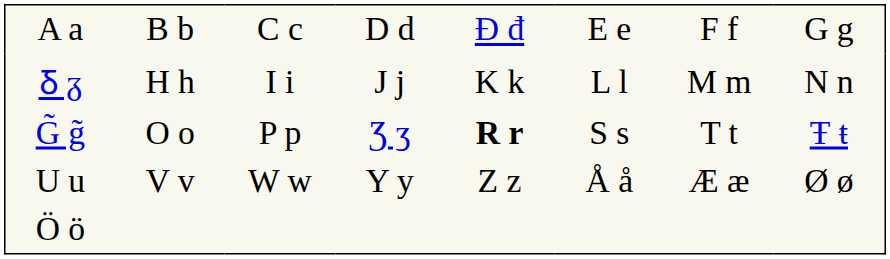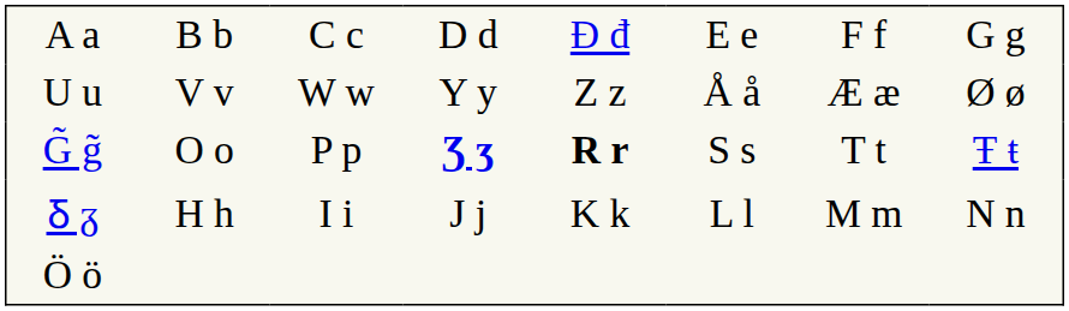 <table style="font-family:Arial Unicode MS; font-size:1.4em; border-color:#000000; border-width:1px; border-style:solid; border-collapse:collapse; background-color:#F8F8EF">
 <tr>
 <td style="width:3em; text-align:center; padding: 3px;">A a</td>
 <td style="width:3em; text-align:center; padding: 3px;">B b</td>
 <td style="width:3em; text-align:center; padding: 3px;">C c</td>
 <td style="width:3em; text-align:center; padding: 3px;">D d</td>
 <td style="width:3em; text-align:center; padding: 3px;"><a href='#'>Đ đ</a></td>
 <td style="width:3em; text-align:center; padding: 3px;">E e</td>
 <td style="width:3em; text-align:center; padding: 3px;">F f</td>
 <td style="width:3em; text-align:center; padding: 3px;">G g</td>
 </tr>
 <tr>
+<td style="width:3em; text-align:center; padding: 3px;">U u</td>
+<td style="width:3em; text-align:center; padding: 3px;">V v</td>
+<td style="width:3em; text-align:center; padding: 3px;">W w</td>
+<td style="width:3em; text-align:center; padding: 3px;">Y y</td>
+<td style="width:3em; text-align:center; padding: 3px;">Z z</td>
+<td style="width:3em; text-align:center; padding: 3px;">Å å</td>
+<td style="width:3em; text-align:center; padding: 3px;">Æ æ</td>
+<td style="width:3em; text-align:center; padding: 3px;">Ø ø</td>
+</tr>
+<tr>
+<td style="width:3em; text-align:center; padding: 3px;"><a href='#'>G̃ g̃</a></td>
+<td style="width:3em; text-align:center; padding: 3px;">O o</td>
+<td style="width:3em; text-align:center; padding: 3px;">P p</td>
+<td style="width:3em; text-align:center; padding: 3px;"><strong><a href='#'>Ʒ ʒ</a></strong></td>
+<td style="width:3em; text-align:center; padding: 3px;"><strong>R r</strong></td>
+<td style="width:3em; text-align:center; padding: 3px;">S s</td>
+<td style="width:3em; text-align:center; padding: 3px;">T t</td>
+<td style="width:3em; text-align:center; padding: 3px;"><a href='#'>Ŧ ŧ</a></td>
+</tr>
+<tr>
 <td style="width:3em; text-align:center; padding: 3px;"><a href='#'>Ᵹ ᵹ</a></td>
 <td style="width:3em; text-align:center; padding: 3px;">H h</td>
 <td style="width:3em; text-align:center; padding: 3px;">I i</td>
 <td style="width:3em; text-align:center; padding: 3px;">J j</td>
 <td style="width:3em; text-align:center; padding: 3px;">K k</td>
 <td style="width:3em; text-align:center; padding: 3px;">L l</td>
 <td style="width:3em; text-align:center; padding: 3px;">M m</td>
 <td style="width:3em; text-align:center; padding: 3px;">N n</td>
-</tr>
-<tr>
-<td style="width:3em; text-align:center; padding: 3px;"><a href='#'>G̃ g̃</a></td>
-<td style="width:3em; text-align:center; padding: 3px;">O o</td>
-<td style="width:3em; text-align:center; padding: 3px;">P p</td>
-<td style="width:3em; text-align:center; padding: 3px;"><a href='#'>Ʒ ʒ</a></td>
-<td style="width:3em; text-align:center; padding: 3px;"><strong>R r</strong></td>
-<td style="width:3em; text-align:center; padding: 3px;">S s</td>
-<td style="width:3em; text-align:center; padding: 3px;">T t</td>
-<td style="width:3em; text-align:center; padding: 3px;"><a href='#'>Ŧ ŧ</a></td>
-</tr>
-<tr>
-<td style="width:3em; text-align:center; padding: 3px;">U u</td>
-<td style="width:3em; text-align:center; padding: 3px;">V v</td>
-<td style="width:3em; text-align:center; padding: 3px;">W w</td>
-<td style="width:3em; text-align:center; padding: 3px;">Y y</td>
-<td style="width:3em; text-align:center; padding: 3px;">Z z</td>
-<td style="width:3em; text-align:center; padding: 3px;">Å å</td>
-<td style="width:3em; text-align:center; padding: 3px;">Æ æ</td>
-<td style="width:3em; text-align:center; padding: 3px;">Ø ø</td>
 </tr>
 <tr>
 <td style="width:3em; text-align:center; padding: 3px;">Ö ö</td>
 <td></td>
 <td></td>
 <td></td>
 <td></td>
 <td></td>
 <td></td>
 <td></td>
 </tr>
 </table>
